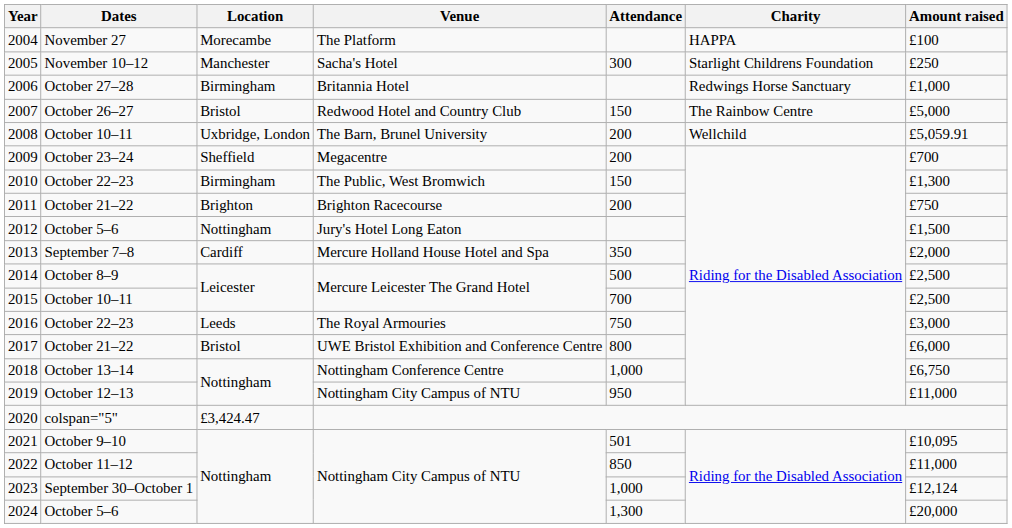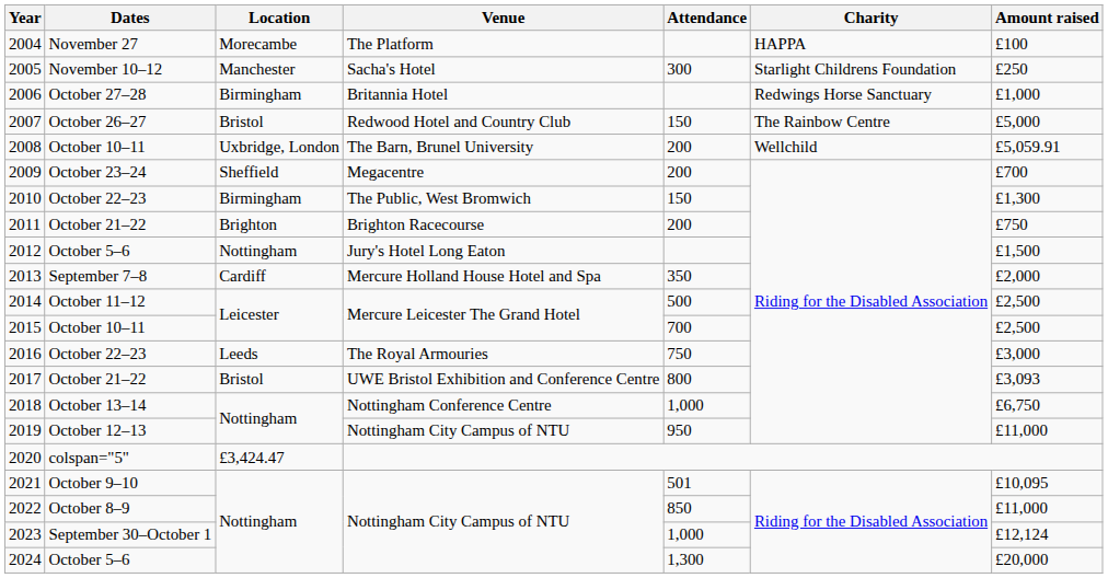 <table class="wikitable" border="1">
 <tr>
 <th>Year</th>
 <th>Dates</th>
 <th>Location</th>
 <th>Venue</th>
 <th>Attendance</th>
 <th>Charity</th>
 <th>Amount raised</th>
 </tr>
 <tr>
 <td>2004</td>
 <td>November 27</td>
 <td>Morecambe</td>
 <td>The Platform</td>
 <td></td>
 <td>HAPPA</td>
 <td>£100</td>
 </tr>
 <tr>
 <td>2005</td>
 <td>November 10–12</td>
 <td>Manchester</td>
 <td>Sacha's Hotel</td>
 <td>300</td>
 <td>Starlight Childrens Foundation</td>
 <td>£250</td>
 </tr>
 <tr>
 <td>2006</td>
 <td>October 27–28</td>
 <td>Birmingham</td>
 <td>Britannia Hotel</td>
 <td></td>
 <td>Redwings Horse Sanctuary</td>
 <td>£1,000</td>
 </tr>
 <tr>
 <td>2007</td>
 <td>October 26–27</td>
 <td>Bristol</td>
 <td>Redwood Hotel and Country Club</td>
 <td>150</td>
 <td>The Rainbow Centre</td>
 <td>£5,000</td>
 </tr>
 <tr>
 <td>2008</td>
 <td>October 10–11</td>
 <td>Uxbridge, London</td>
 <td>The Barn, Brunel University</td>
 <td>200</td>
 <td>Wellchild</td>
 <td>£5,059.91</td>
 </tr>
 <tr>
 <td>2009</td>
 <td>October 23–24</td>
 <td>Sheffield</td>
 <td>Megacentre</td>
 <td>200</td>
 <td rowspan="11"><a href='#'>Riding for the Disabled Association</a></td>
 <td>£700</td>
 </tr>
 <tr>
 <td>2010</td>
 <td>October 22–23</td>
 <td>Birmingham</td>
 <td>The Public, West Bromwich</td>
 <td>150</td>
 <td>£1,300</td>
 </tr>
 <tr>
 <td>2011</td>
 <td>October 21–22</td>
 <td>Brighton</td>
 <td>Brighton Racecourse</td>
 <td>200</td>
 <td>£750</td>
 </tr>
 <tr>
 <td>2012</td>
 <td>October 5–6</td>
 <td>Nottingham</td>
 <td>Jury's Hotel Long Eaton</td>
 <td></td>
 <td>£1,500</td>
 </tr>
 <tr>
 <td>2013</td>
 <td>September 7–8</td>
 <td>Cardiff</td>
 <td>Mercure Holland House Hotel and Spa</td>
 <td>350</td>
 <td>£2,000</td>
 </tr>
 <tr>
 <td>2014</td>
-<td>October 8–9</td>
+<td>October 11–12</td>
 <td rowspan="2">Leicester</td>
 <td rowspan="2">Mercure Leicester The Grand Hotel</td>
 <td>500</td>
 <td>£2,500</td>
 </tr>
 <tr>
 <td>2015</td>
 <td>October 10–11</td>
 <td>700</td>
 <td>£2,500</td>
 </tr>
 <tr>
 <td>2016</td>
 <td>October 22–23</td>
 <td>Leeds</td>
 <td>The Royal Armouries</td>
 <td>750</td>
 <td>£3,000</td>
 </tr>
 <tr>
 <td>2017</td>
 <td>October 21–22</td>
 <td>Bristol</td>
 <td>UWE Bristol Exhibition and Conference Centre</td>
 <td>800</td>
-<td>£6,000</td>
+<td>£3,093</td>
 </tr>
 <tr>
 <td>2018</td>
 <td>October 13–14</td>
 <td rowspan="2">Nottingham</td>
 <td>Nottingham Conference Centre</td>
 <td>1,000</td>
 <td>£6,750</td>
 </tr>
 <tr>
 <td>2019</td>
 <td>October 12–13</td>
 <td>Nottingham City Campus of NTU</td>
 <td>950</td>
 <td>£11,000</td>
 </tr>
 <tr>
 <td>2020</td>
 <td>colspan="5" </td>
 <td>£3,424.47</td>
 </tr>
 <tr>
 <td>2021</td>
 <td>October 9–10</td>
 <td rowspan="4">Nottingham</td>
 <td rowspan="4">Nottingham City Campus of NTU</td>
 <td>501</td>
 <td rowspan="11"><a href='#'>Riding for the Disabled Association</a></td>
 <td>£10,095</td>
 </tr>
 <tr>
 <td>2022</td>
-<td>October 11–12</td>
+<td>October 8–9</td>
 <td>850</td>
 <td>£11,000</td>
 </tr>
 <tr>
 <td>2023</td>
 <td>September 30–October 1</td>
 <td>1,000</td>
 <td>£12,124</td>
 </tr>
 <tr>
 <td>2024</td>
 <td>October 5–6</td>
 <td>1,300</td>
 <td>£20,000</td>
 </tr>
 </table>
